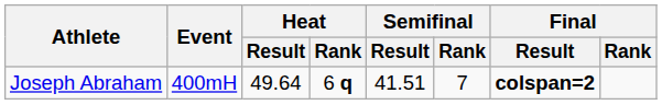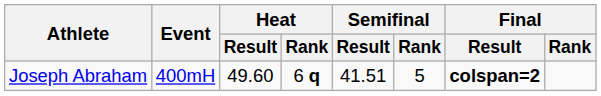 <table class="wikitable" style="font-size:90%">
 <tr>
 <th rowspan="2">Athlete</th>
 <th rowspan="2">Event</th>
 <th colspan="2">Heat</th>
 <th colspan="2">Semifinal</th>
 <th colspan="2">Final</th>
 </tr>
 <tr style="font-size:95%">
 <th>Result</th>
 <th>Rank</th>
 <th>Result</th>
 <th>Rank</th>
 <th>Result</th>
 <th>Rank</th>
 </tr>
 <tr align="center">
 <td style=text-align:left><a href='#'>Joseph Abraham</a></td>
 <td style=text-align:left><a href='#'>400mH</a></td>
-<td>49.64</td>
+<td>49.60</td>
 <td>6 <strong>q</strong></td>
 <td>41.51 </td>
-<td>7</td>
+<td>5</td>
 <td><strong>colspan=2 </strong></td>
 </tr>
 </table>
